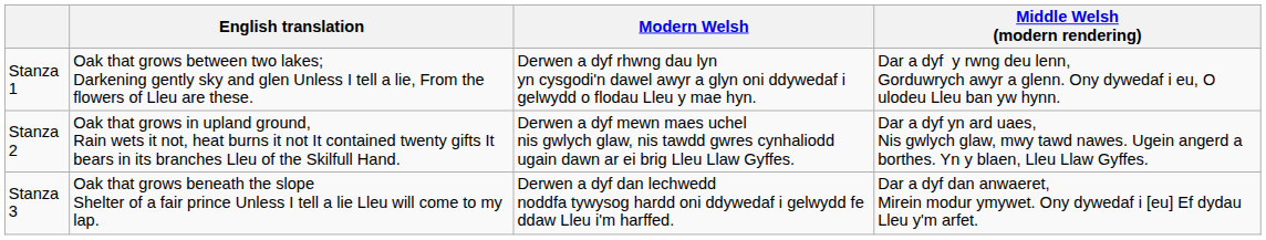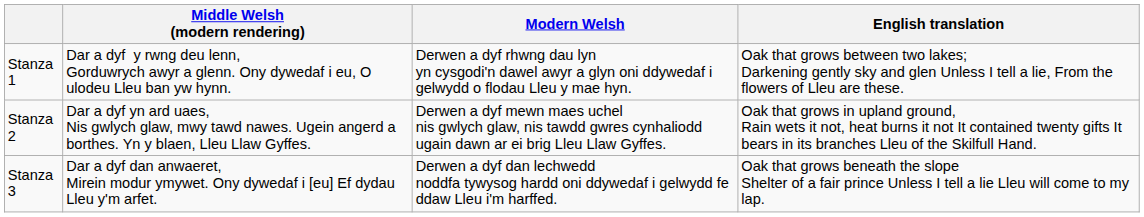 <table class="wikitable">
 <tr>
 <th></th>
+<th><a href='#'>Middle Welsh</a><br>(modern rendering)</th>
+<th><a href='#'>Modern Welsh</a></th>
 <th>English translation</th>
-<th><a href='#'>Modern Welsh</a></th>
-<th><a href='#'>Middle Welsh</a><br>(modern rendering)</th>
 </tr>
 <tr>
 <td>Stanza 1</td>
+<td>Dar a dyf  y rwng deu lenn,<br>Gorduwrych awyr a glenn. Ony dywedaf i eu, O ulodeu Lleu ban yw hynn.</td>
+<td>Derwen a dyf rhwng dau lyn<br>yn cysgodi'n dawel awyr a glyn oni ddywedaf i gelwydd o flodau Lleu y mae hyn.</td>
 <td>Oak that grows between two lakes;<br>Darkening gently sky and glen Unless I tell a lie, From the flowers of Lleu are these.</td>
-<td>Derwen a dyf rhwng dau lyn<br>yn cysgodi'n dawel awyr a glyn oni ddywedaf i gelwydd o flodau Lleu y mae hyn.</td>
-<td>Dar a dyf  y rwng deu lenn,<br>Gorduwrych awyr a glenn. Ony dywedaf i eu, O ulodeu Lleu ban yw hynn.</td>
 </tr>
 <tr>
 <td>Stanza 2</td>
+<td>Dar a dyf yn ard uaes,<br>Nis gwlych glaw, mwy tawd nawes. Ugein angerd a borthes. Yn y blaen, Lleu Llaw Gyffes.</td>
+<td>Derwen a dyf mewn maes uchel<br>nis gwlych glaw, nis tawdd gwres cynhaliodd ugain dawn ar ei brig Lleu Llaw Gyffes.</td>
 <td>Oak that grows in upland ground,<br>Rain wets it not, heat burns it not It contained twenty gifts It bears in its branches Lleu of the Skilfull Hand.</td>
-<td>Derwen a dyf mewn maes uchel<br>nis gwlych glaw, nis tawdd gwres cynhaliodd ugain dawn ar ei brig Lleu Llaw Gyffes.</td>
-<td>Dar a dyf yn ard uaes,<br>Nis gwlych glaw, mwy tawd nawes. Ugein angerd a borthes. Yn y blaen, Lleu Llaw Gyffes.</td>
 </tr>
 <tr>
 <td>Stanza 3</td>
+<td>Dar a dyf dan anwaeret,<br>Mirein modur ymywet. Ony dywedaf i [eu] Ef dydau Lleu y'm arfet.</td>
+<td>Derwen a dyf dan lechwedd<br>noddfa tywysog hardd oni ddywedaf i gelwydd fe ddaw Lleu i'm harffed.</td>
 <td>Oak that grows beneath the slope<br>Shelter of a fair prince Unless I tell a lie Lleu will come to my lap.</td>
-<td>Derwen a dyf dan lechwedd<br>noddfa tywysog hardd oni ddywedaf i gelwydd fe ddaw Lleu i'm harffed.</td>
-<td>Dar a dyf dan anwaeret,<br>Mirein modur ymywet. Ony dywedaf i [eu] Ef dydau Lleu y'm arfet.</td>
 </tr>
 </table>
